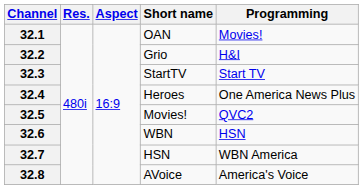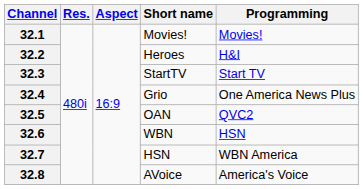 <table class="wikitable">
 <tr>
 <th><a href='#'>Channel</a></th>
 <th><a href='#'>Res.</a></th>
 <th><a href='#'>Aspect</a></th>
 <th>Short name</th>
 <th>Programming</th>
 </tr>
 <tr>
 <th scope = "row">32.1</th>
 <td rowspan=12><a href='#'>480i</a></td>
 <td rowspan=12><a href='#'>16:9</a></td>
-<td>OAN</td>
+<td>Movies!</td>
 <td><a href='#'>Movies!</a></td>
 </tr>
 <tr>
 <th scope = "row">32.2</th>
-<td>Grio</td>
+<td>Heroes</td>
 <td><a href='#'>H&I</a></td>
 </tr>
 <tr>
 <th scope = "row">32.3</th>
 <td>StartTV</td>
 <td><a href='#'>Start TV</a></td>
 </tr>
 <tr>
 <th scope = "row">32.4</th>
-<td>Heroes</td>
+<td>Grio</td>
 <td>One America News Plus</td>
 </tr>
 <tr>
 <th scope = "row">32.5</th>
-<td>Movies!</td>
+<td>OAN</td>
 <td><a href='#'>QVC2</a></td>
 </tr>
 <tr>
 <th scope = "row">32.6</th>
 <td>WBN</td>
 <td><a href='#'>HSN</a></td>
 </tr>
 <tr>
 <th scope = "row">32.7</th>
 <td>HSN</td>
 <td>WBN America</td>
 </tr>
 <tr>
 <th scope = "row">32.8</th>
 <td>AVoice</td>
 <td>America's Voice</td>
 </tr>
 </table>
